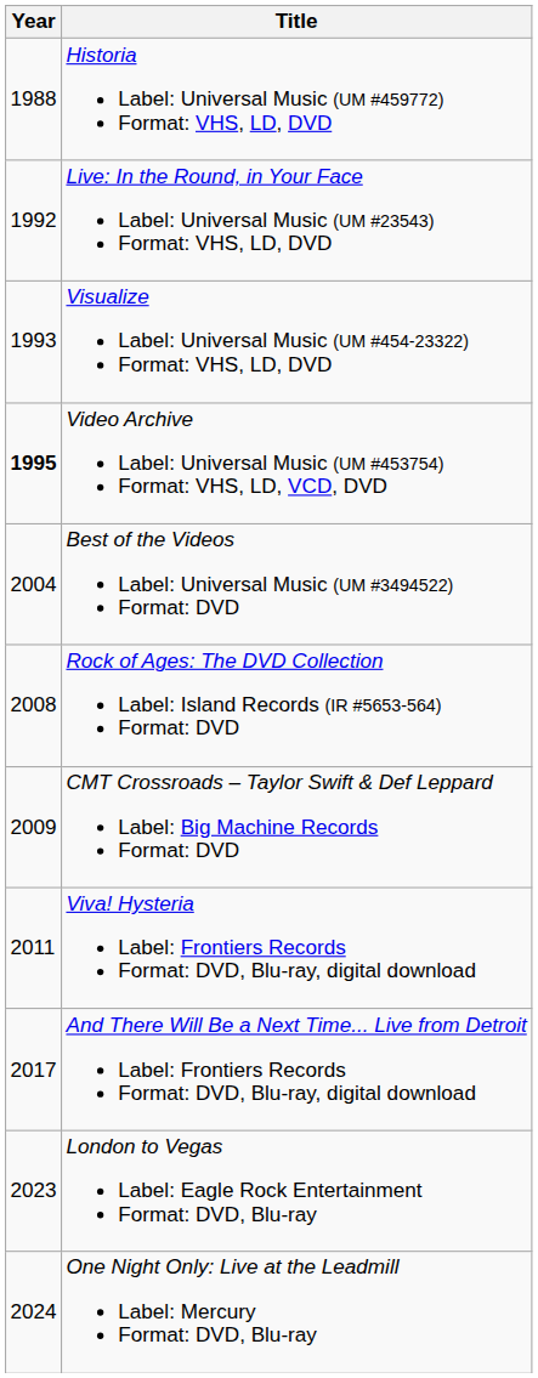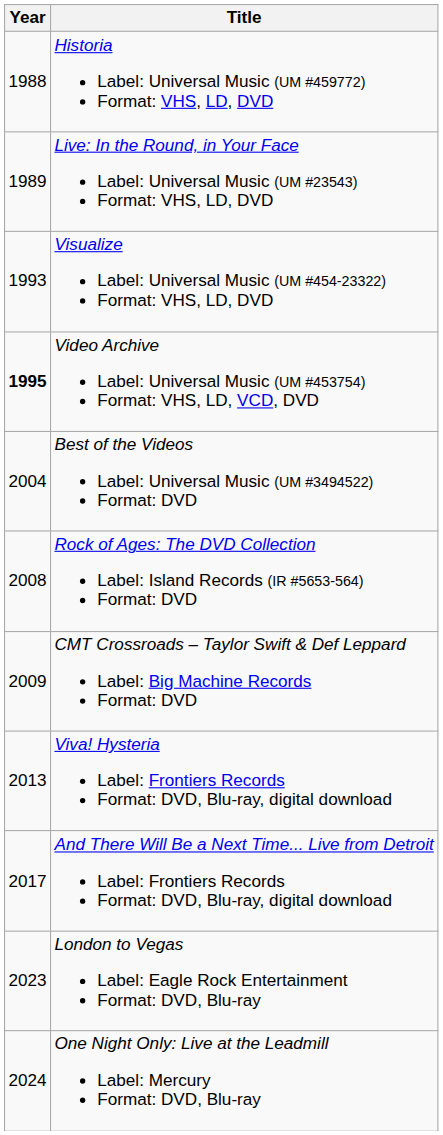 <table class="wikitable">
 <tr>
 <th>Year</th>
 <th>Title</th>
 </tr>
 <tr>
 <td>1988</td>
 <td align="left" valign="top"><em><a href='#'>Historia</a></em><br><ul><li>Label: Universal Music <small>(UM #459772)</small></li><li>Format: <a href='#'>VHS</a>, <a href='#'>LD</a>, <a href='#'>DVD</a></li></ul></td>
 </tr>
 <tr>
-<td>1992</td>
+<td>1989</td>
 <td align="left" valign="top"><em><a href='#'>Live: In the Round, in Your Face</a></em><br><ul><li>Label: Universal Music <small>(UM #23543)</small></li><li>Format: VHS, LD, DVD</li></ul></td>
 </tr>
 <tr>
 <td>1993</td>
 <td align="left" valign="top"><em><a href='#'>Visualize</a></em><br><ul><li>Label: Universal Music <small>(UM #454-23322)</small></li><li>Format: VHS, LD, DVD</li></ul></td>
 </tr>
 <tr>
 <td><strong>1995</strong></td>
 <td align="left" valign="top"><em>Video Archive</em><br><ul><li>Label: Universal Music <small>(UM #453754)</small></li><li>Format: VHS, LD, <a href='#'>VCD</a>, DVD</li></ul></td>
 </tr>
 <tr>
 <td>2004</td>
 <td align="left" valign="top"><em>Best of the Videos</em><br><ul><li>Label: Universal Music <small>(UM #3494522)</small></li><li>Format: DVD</li></ul></td>
 </tr>
 <tr>
 <td>2008</td>
 <td align="left" valign="top"><em><a href='#'>Rock of Ages: The DVD Collection</a></em><br><ul><li>Label: Island Records <small>(IR #5653-564)</small></li><li>Format: DVD</li></ul></td>
 </tr>
 <tr>
 <td>2009</td>
 <td align="left" valign="top"><em>CMT Crossroads – Taylor Swift & Def Leppard</em><br><ul><li>Label: <a href='#'>Big Machine Records</a></li><li>Format: DVD</li></ul></td>
 </tr>
 <tr>
-<td>2011</td>
+<td>2013</td>
 <td align="left" valign="top"><em><a href='#'>Viva! Hysteria</a></em><br><ul><li>Label: <a href='#'>Frontiers Records</a></li><li>Format: DVD, Blu-ray, digital download</li></ul></td>
 </tr>
 <tr>
 <td>2017</td>
 <td align="left" valign="top"><em><a href='#'>And There Will Be a Next Time... Live from Detroit</a></em><br><ul><li>Label: Frontiers Records</li><li>Format: DVD, Blu-ray, digital download</li></ul></td>
 </tr>
 <tr>
 <td>2023</td>
 <td align="left" valign="top"><em>London to Vegas</em><br><ul><li>Label: Eagle Rock Entertainment</li><li>Format: DVD, Blu-ray</li></ul></td>
 </tr>
 <tr>
 <td>2024</td>
 <td align="left" valign="top"><em>One Night Only: Live at the Leadmill</em><br><ul><li>Label: Mercury</li><li>Format: DVD, Blu-ray</li></ul></td>
 </tr>
 </table>
